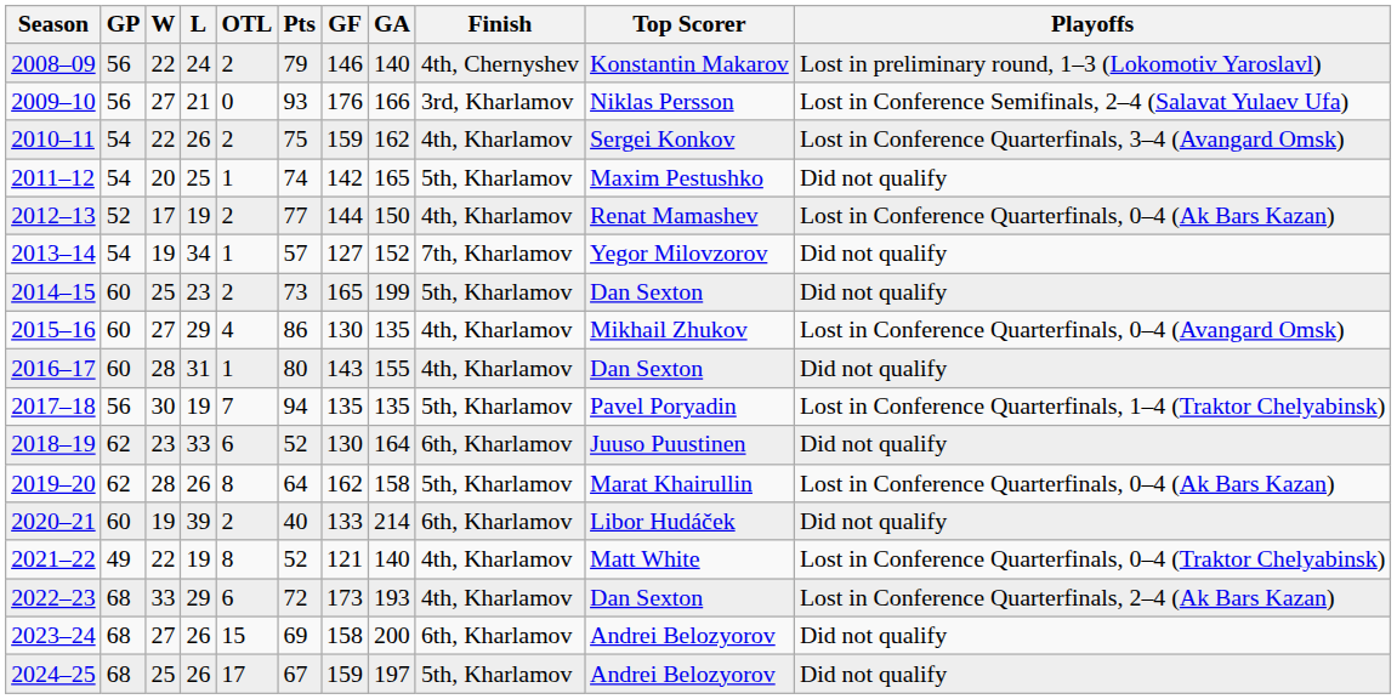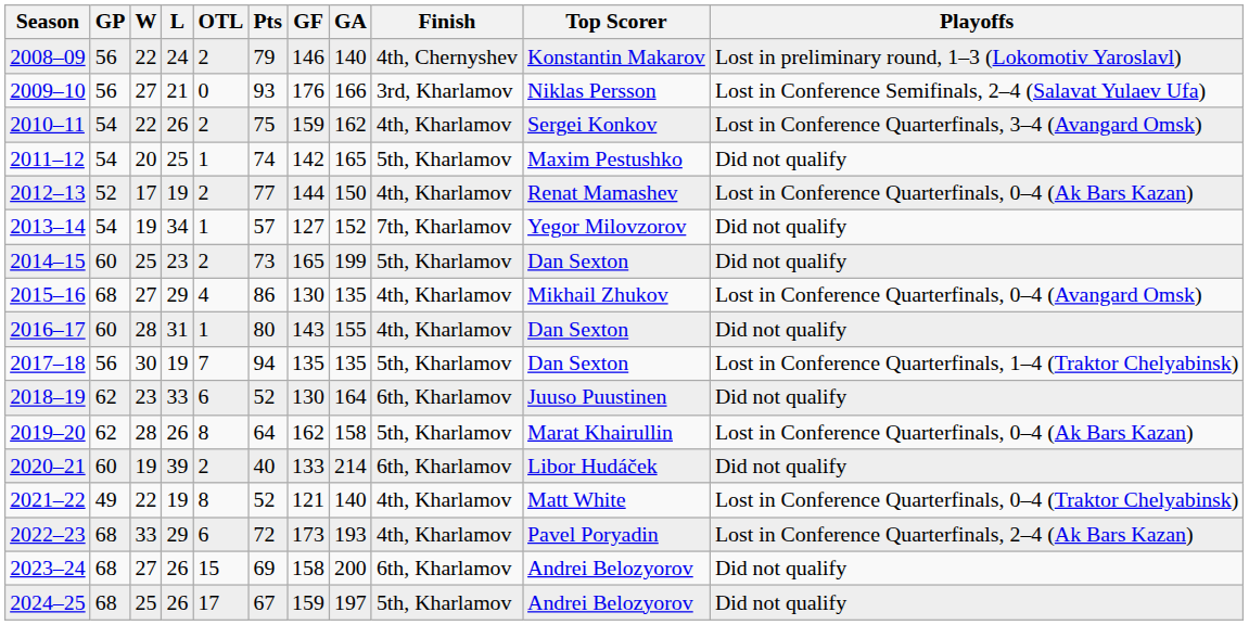 <table class="wikitable">
 <tr>
 <th>Season</th>
 <th>GP</th>
 <th>W</th>
 <th>L</th>
 <th>OTL</th>
 <th>Pts</th>
 <th>GF</th>
 <th>GA</th>
 <th>Finish</th>
 <th>Top Scorer</th>
 <th>Playoffs</th>
 </tr>
 <tr style="background:#eee;">
 <td><a href='#'>2008–09</a></td>
 <td>56</td>
 <td>22</td>
 <td>24</td>
 <td>2</td>
 <td>79</td>
 <td>146</td>
 <td>140</td>
 <td>4th, Chernyshev</td>
 <td><a href='#'>Konstantin Makarov</a> </td>
 <td>Lost in preliminary round, 1–3 (<a href='#'>Lokomotiv Yaroslavl</a>)</td>
 </tr>
 <tr>
 <td><a href='#'>2009–10</a></td>
 <td>56</td>
 <td>27</td>
 <td>21</td>
 <td>0</td>
 <td>93</td>
 <td>176</td>
 <td>166</td>
 <td>3rd, Kharlamov</td>
 <td><a href='#'>Niklas Persson</a> </td>
 <td>Lost in Conference Semifinals, 2–4 (<a href='#'>Salavat Yulaev Ufa</a>)</td>
 </tr>
 <tr style="background:#eee;">
 <td><a href='#'>2010–11</a></td>
 <td>54</td>
 <td>22</td>
 <td>26</td>
 <td>2</td>
 <td>75</td>
 <td>159</td>
 <td>162</td>
 <td>4th, Kharlamov</td>
 <td><a href='#'>Sergei Konkov</a> </td>
 <td>Lost in Conference Quarterfinals, 3–4 (<a href='#'>Avangard Omsk</a>)</td>
 </tr>
 <tr>
 <td><a href='#'>2011–12</a></td>
 <td>54</td>
 <td>20</td>
 <td>25</td>
 <td>1</td>
 <td>74</td>
 <td>142</td>
 <td>165</td>
 <td>5th, Kharlamov</td>
 <td><a href='#'>Maxim Pestushko</a> </td>
 <td>Did not qualify</td>
 </tr>
 <tr style="background:#eee;">
 <td><a href='#'>2012–13</a></td>
 <td>52</td>
 <td>17</td>
 <td>19</td>
 <td>2</td>
 <td>77</td>
 <td>144</td>
 <td>150</td>
 <td>4th, Kharlamov</td>
 <td><a href='#'>Renat Mamashev</a> </td>
 <td>Lost in Conference Quarterfinals, 0–4 (<a href='#'>Ak Bars Kazan</a>)</td>
 </tr>
 <tr>
 <td><a href='#'>2013–14</a></td>
 <td>54</td>
 <td>19</td>
 <td>34</td>
 <td>1</td>
 <td>57</td>
 <td>127</td>
 <td>152</td>
 <td>7th, Kharlamov</td>
 <td><a href='#'>Yegor Milovzorov</a> </td>
 <td>Did not qualify</td>
 </tr>
 <tr style="background:#eee;">
 <td><a href='#'>2014–15</a></td>
 <td>60</td>
 <td>25</td>
 <td>23</td>
 <td>2</td>
 <td>73</td>
 <td>165</td>
 <td>199</td>
 <td>5th, Kharlamov</td>
 <td><a href='#'>Dan Sexton</a> </td>
 <td>Did not qualify</td>
 </tr>
 <tr>
 <td><a href='#'>2015–16</a></td>
-<td>60</td>
+<td>68</td>
 <td>27</td>
 <td>29</td>
 <td>4</td>
 <td>86</td>
 <td>130</td>
 <td>135</td>
 <td>4th, Kharlamov</td>
 <td><a href='#'>Mikhail Zhukov</a> </td>
 <td>Lost in Conference Quarterfinals, 0–4 (<a href='#'>Avangard Omsk</a>)</td>
 </tr>
 <tr style="background:#eee;">
 <td><a href='#'>2016–17</a></td>
 <td>60</td>
 <td>28</td>
 <td>31</td>
 <td>1</td>
 <td>80</td>
 <td>143</td>
 <td>155</td>
 <td>4th, Kharlamov</td>
 <td><a href='#'>Dan Sexton</a> </td>
 <td>Did not qualify</td>
 </tr>
 <tr>
 <td><a href='#'>2017–18</a></td>
 <td>56</td>
 <td>30</td>
 <td>19</td>
 <td>7</td>
 <td>94</td>
 <td>135</td>
 <td>135</td>
 <td>5th, Kharlamov</td>
-<td><a href='#'>Pavel Poryadin</a> </td>
+<td><a href='#'>Dan Sexton</a> </td>
 <td>Lost in Conference Quarterfinals, 1–4 (<a href='#'>Traktor Chelyabinsk</a>)</td>
 </tr>
 <tr style="background:#eee;">
 <td><a href='#'>2018–19</a></td>
 <td>62</td>
 <td>23</td>
 <td>33</td>
 <td>6</td>
 <td>52</td>
 <td>130</td>
 <td>164</td>
 <td>6th, Kharlamov</td>
 <td><a href='#'>Juuso Puustinen</a> </td>
 <td>Did not qualify</td>
 </tr>
 <tr>
 <td><a href='#'>2019–20</a></td>
 <td>62</td>
 <td>28</td>
 <td>26</td>
 <td>8</td>
 <td>64</td>
 <td>162</td>
 <td>158</td>
 <td>5th, Kharlamov</td>
 <td><a href='#'>Marat Khairullin</a> </td>
 <td>Lost in Conference Quarterfinals, 0–4 (<a href='#'>Ak Bars Kazan</a>)</td>
 </tr>
 <tr style="background:#eee;">
 <td><a href='#'>2020–21</a></td>
 <td>60</td>
 <td>19</td>
 <td>39</td>
 <td>2</td>
 <td>40</td>
 <td>133</td>
 <td>214</td>
 <td>6th, Kharlamov</td>
 <td><a href='#'>Libor Hudáček</a> </td>
 <td>Did not qualify</td>
 </tr>
 <tr>
 <td><a href='#'>2021–22</a></td>
 <td>49</td>
 <td>22</td>
 <td>19</td>
 <td>8</td>
 <td>52</td>
 <td>121</td>
 <td>140</td>
 <td>4th, Kharlamov</td>
 <td><a href='#'>Matt White</a> </td>
 <td>Lost in Conference Quarterfinals, 0–4 (<a href='#'>Traktor Chelyabinsk</a>)</td>
 </tr>
 <tr style="background:#eee;">
 <td><a href='#'>2022–23</a></td>
 <td>68</td>
 <td>33</td>
 <td>29</td>
 <td>6</td>
 <td>72</td>
 <td>173</td>
 <td>193</td>
 <td>4th, Kharlamov</td>
-<td><a href='#'>Dan Sexton</a> </td>
+<td><a href='#'>Pavel Poryadin</a> </td>
 <td>Lost in Conference Quarterfinals, 2–4 (<a href='#'>Ak Bars Kazan</a>)</td>
 </tr>
 <tr>
 <td><a href='#'>2023–24</a></td>
 <td>68</td>
 <td>27</td>
 <td>26</td>
 <td>15</td>
 <td>69</td>
 <td>158</td>
 <td>200</td>
 <td>6th, Kharlamov</td>
 <td><a href='#'>Andrei Belozyorov</a> </td>
 <td>Did not qualify</td>
 </tr>
 <tr style="background:#eee;">
 <td><a href='#'>2024–25</a></td>
 <td>68</td>
 <td>25</td>
 <td>26</td>
 <td>17</td>
 <td>67</td>
 <td>159</td>
 <td>197</td>
 <td>5th, Kharlamov</td>
 <td><a href='#'>Andrei Belozyorov</a> </td>
 <td>Did not qualify</td>
 </tr>
 </table>
